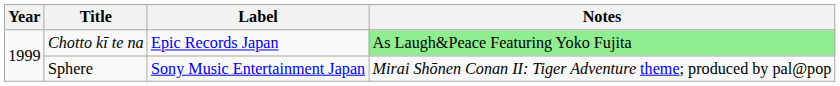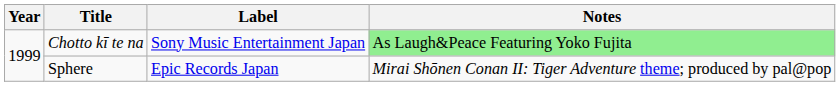 <table class="wikitable">
 <tr>
 <th>Year</th>
 <th>Title</th>
 <th>Label</th>
 <th>Notes</th>
 </tr>
 <tr>
 <td rowspan="2">1999</td>
 <td><em>Chotto kī te na</em></td>
-<td><a href='#'>Epic Records Japan</a></td>
+<td><a href='#'>Sony Music Entertainment Japan</a></td>
 <td style="background: lightgreen;">As Laugh&Peace Featuring Yoko Fujita</td>
 </tr>
 <tr>
 <td>Sphere</td>
-<td><a href='#'>Sony Music Entertainment Japan</a></td>
+<td><a href='#'>Epic Records Japan</a></td>
 <td><em>Mirai Shōnen Conan II: Tiger Adventure</em> <a href='#'>theme</a>; produced by pal@pop</td>
 </tr>
 </table>
